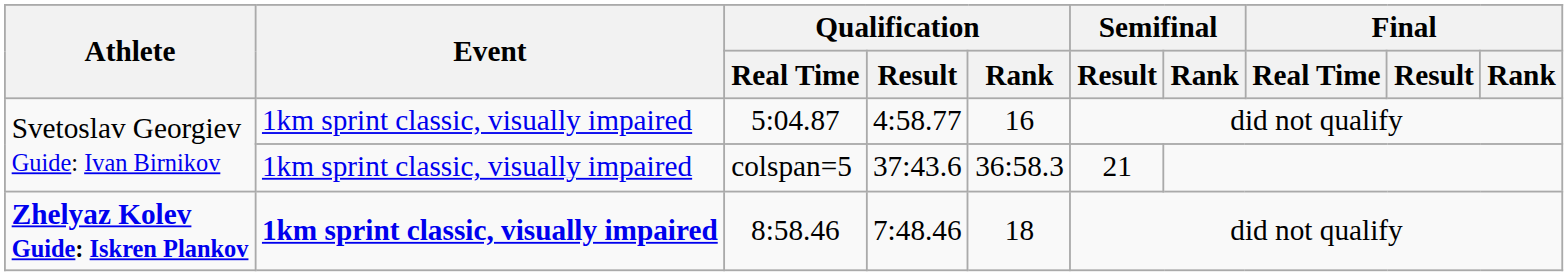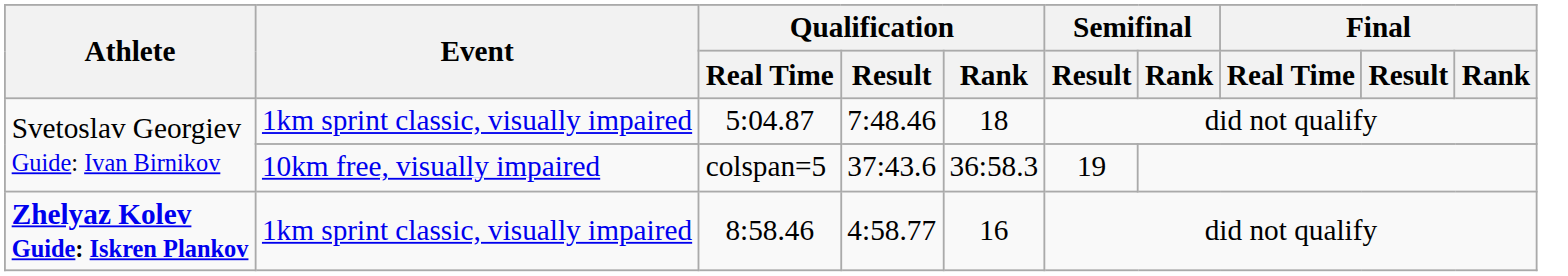 <table class="wikitable" style="font-size:100%">
 <tr>
 <th rowspan="2">Athlete</th>
 <th rowspan="2">Event</th>
 <th colspan="3">Qualification</th>
 <th colspan="2">Semifinal</th>
 <th colspan="3">Final</th>
 </tr>
 <tr>
 <th>Real Time</th>
 <th>Result</th>
 <th>Rank</th>
 <th>Result</th>
 <th>Rank</th>
 <th>Real Time</th>
 <th>Result</th>
 <th>Rank</th>
 </tr>
 <tr>
 <td rowspan=2>Svetoslav Georgiev<br><small><a href='#'>Guide</a>: <a href='#'>Ivan Birnikov</a></small></td>
 <td><a href='#'>1km sprint classic, visually impaired</a></td>
 <td align="center">5:04.87</td>
+<td align="center">7:48.46</td>
+<td align="center">18</td>
+<td colspan=5 align="center">did not qualify</td>
+</tr>
+<tr>
+<td><a href='#'>10km free, visually impaired</a></td>
+<td>colspan=5 </td>
+<td align="center">37:43.6</td>
+<td align="center">36:58.3</td>
+<td align="center">19</td>
+</tr>
+<tr>
+<td><strong><a href='#'>Zhelyaz Kolev</a><br><small><a href='#'>Guide</a>: <a href='#'>Iskren Plankov</a></small></strong></td>
+<td><a href='#'>1km sprint classic, visually impaired</a></td>
+<td align="center">8:58.46</td>
 <td align="center">4:58.77</td>
 <td align="center">16</td>
 <td colspan=5 align="center">did not qualify</td>
 </tr>
-<tr>
-<td><a href='#'>1km sprint classic, visually impaired</a></td>
-<td>colspan=5 </td>
-<td align="center">37:43.6</td>
-<td align="center">36:58.3</td>
-<td align="center">21</td>
-</tr>
-<tr>
-<td><strong><a href='#'>Zhelyaz Kolev</a><br><small><a href='#'>Guide</a>: <a href='#'>Iskren Plankov</a></small></strong></td>
-<td><strong><a href='#'>1km sprint classic, visually impaired</a></strong></td>
-<td align="center">8:58.46</td>
-<td align="center">7:48.46</td>
-<td align="center">18</td>
-<td colspan=5 align="center">did not qualify</td>
-</tr>
 </table>
